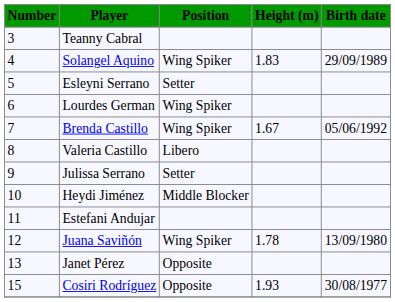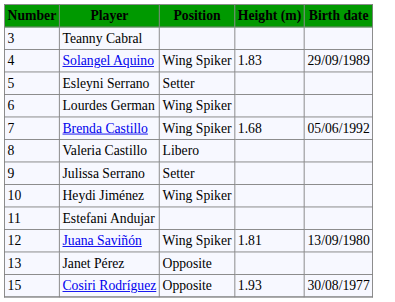 <table bgcolor="#f7f8ff" cellpadding="3" cellspacing="0" border="1" style="font-size: 95%; border: gray solid 1px; border-collapse: collapse;">
 <tr bgcolor="#009900">
 <td align=center><strong>Number</strong></td>
 <td align=center><strong>Player</strong></td>
 <td align=center><strong>Position</strong></td>
 <td align=center><strong>Height (m)</strong></td>
 <td align=center><strong>Birth date</strong></td>
 </tr>
 <tr align=left>
 <td>3</td>
 <td> Teanny Cabral</td>
 <td></td>
 <td></td>
 <td></td>
 </tr>
 <tr align="left">
 <td>4</td>
 <td> <a href='#'>Solangel Aquino</a></td>
 <td>Wing Spiker</td>
 <td>1.83</td>
 <td>29/09/1989</td>
 </tr>
 <tr align="left">
 <td>5</td>
 <td> Esleyni Serrano</td>
 <td>Setter</td>
 <td></td>
 <td></td>
 </tr>
 <tr align="left">
 <td>6</td>
 <td>  Lourdes German</td>
 <td>Wing Spiker</td>
 <td></td>
 <td></td>
 </tr>
 <tr align="left">
 <td>7</td>
 <td> <a href='#'>Brenda Castillo</a></td>
 <td>Wing Spiker</td>
-<td>1.67</td>
+<td>1.68</td>
 <td>05/06/1992</td>
 </tr>
 <tr align="left">
 <td>8</td>
 <td> Valeria Castillo</td>
 <td>Libero</td>
 <td></td>
 <td></td>
 </tr>
 <tr align="left">
 <td>9</td>
 <td> Julissa Serrano</td>
 <td>Setter</td>
 <td></td>
 <td></td>
 </tr>
 <tr align="left">
 <td>10</td>
 <td> Heydi Jiménez</td>
-<td>Middle Blocker</td>
+<td>Wing Spiker</td>
 <td></td>
 <td></td>
 </tr>
 <tr align="left">
 <td>11</td>
 <td> Estefani Andujar</td>
 <td></td>
 <td></td>
 <td></td>
 </tr>
 <tr align="left">
 <td>12</td>
 <td> <a href='#'>Juana Saviñón</a></td>
 <td>Wing Spiker</td>
-<td>1.78</td>
+<td>1.81</td>
 <td>13/09/1980</td>
 </tr>
 <tr align="left">
 <td>13</td>
 <td> Janet Pérez</td>
 <td>Opposite</td>
 <td></td>
 <td></td>
 </tr>
 <tr align="left">
 <td>15</td>
 <td> <a href='#'>Cosiri Rodríguez</a></td>
 <td>Opposite</td>
 <td>1.93</td>
 <td>30/08/1977</td>
 </tr>
 <tr align="left">
 </tr>
 </table>
